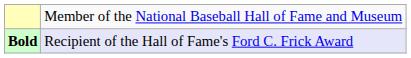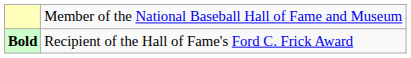 <table class="wikitable" style="font-size:95%">
 <tr>
 <th scope="row" style="background-color:#ffffbb;"></th>
 <td>Member of the <a href='#'>National Baseball Hall of Fame and Museum</a></td>
 </tr>
 <tr>
 <th scope="row" style="background:#cfc;"><strong>Bold</strong></th>
-<td style="background: lavender;">Recipient of the Hall of Fame's <a href='#'>Ford C. Frick Award</a></td>
+<td>Recipient of the Hall of Fame's <a href='#'>Ford C. Frick Award</a></td>
 </tr>
 </table>
